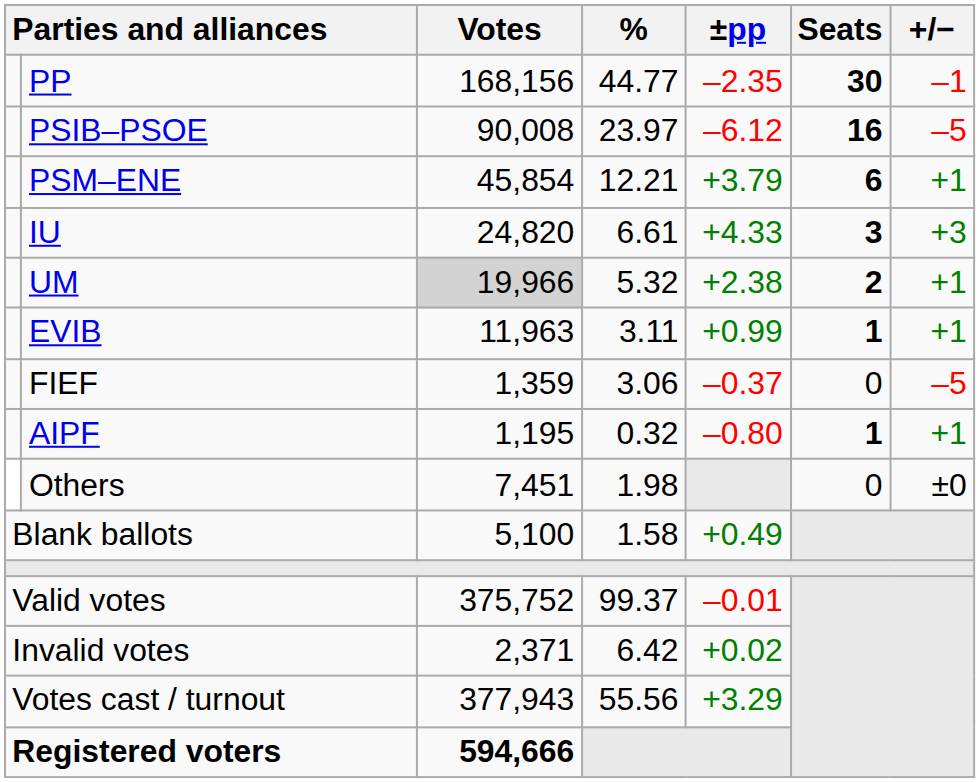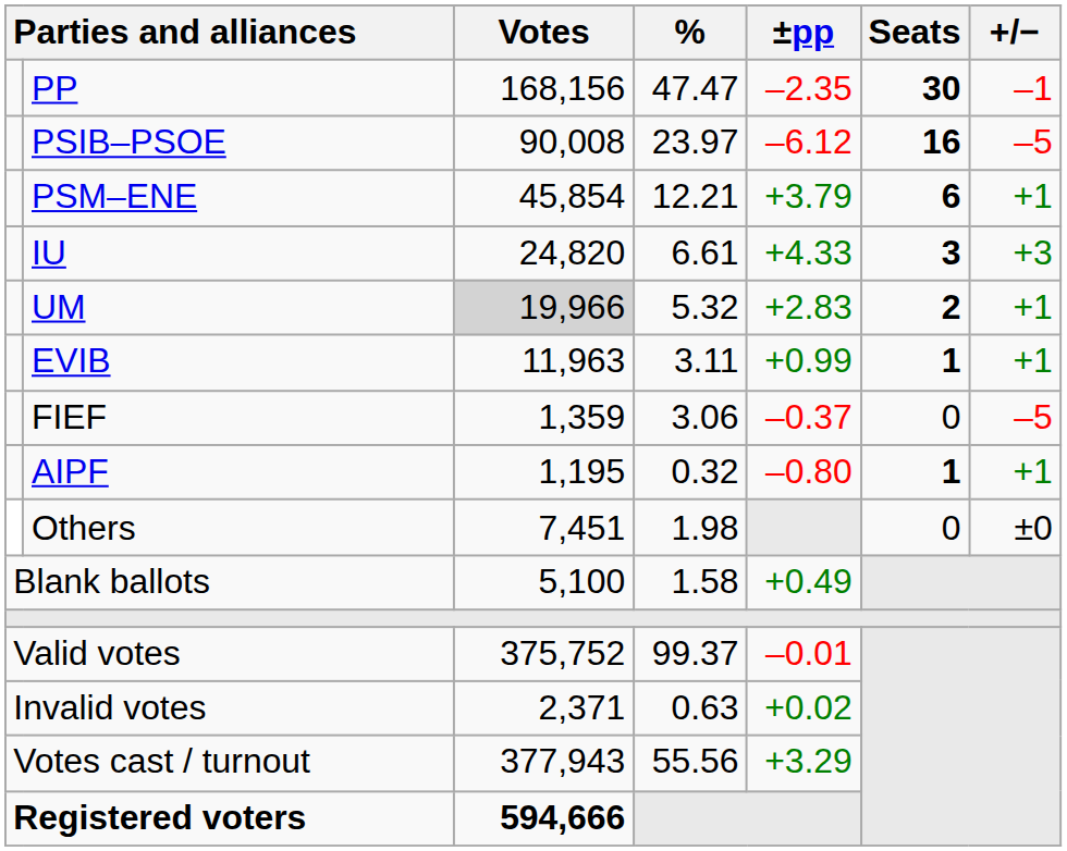 <table class="wikitable" style="text-align:right;">
 <tr>
 <th style="text-align:left;" colspan="2" width="200">Parties and alliances</th>
 <th width="75">Votes</th>
 <th width="45">%</th>
 <th width="45">±<a href='#'>pp</a></th>
 <th width="35">Seats</th>
 <th width="35">+/−</th>
 </tr>
 <tr>
 <td width="1" style="color:inherit;background:"></td>
 <td align="left"><a href='#'>PP</a></td>
 <td>168,156</td>
-<td>44.77</td>
+<td>47.47</td>
 <td style="color:red;">–2.35</td>
 <td><strong>30</strong></td>
 <td style="color:red;">–1</td>
 </tr>
 <tr>
 <td style="color:inherit;background:"></td>
 <td align="left"><a href='#'>PSIB–PSOE</a></td>
 <td>90,008</td>
 <td>23.97</td>
 <td style="color:red;">–6.12</td>
 <td><strong>16</strong></td>
 <td style="color:red;">–5</td>
 </tr>
 <tr>
 <td style="color:inherit;background:"></td>
 <td align="left"><a href='#'>PSM–ENE</a></td>
 <td>45,854</td>
 <td>12.21</td>
 <td style="color:green;">+3.79</td>
 <td><strong>6</strong></td>
 <td style="color:green;">+1</td>
 </tr>
 <tr>
 <td style="color:inherit;background:"></td>
 <td align="left"><a href='#'>IU</a></td>
 <td>24,820</td>
 <td>6.61</td>
 <td style="color:green;">+4.33</td>
 <td><strong>3</strong></td>
 <td style="color:green;">+3</td>
 </tr>
 <tr>
 <td style="color:inherit;background:"></td>
 <td align="left"><a href='#'>UM</a></td>
 <td style="background: lightgrey;">19,966</td>
 <td>5.32</td>
-<td style="color:green;">+2.38</td>
+<td style="color:green;">+2.83</td>
 <td><strong>2</strong></td>
 <td style="color:green;">+1</td>
 </tr>
 <tr>
 <td style="color:inherit;background:"></td>
 <td align="left"><a href='#'>EVIB</a></td>
 <td>11,963</td>
 <td>3.11</td>
 <td style="color:green;">+0.99</td>
 <td><strong>1</strong></td>
 <td style="color:green;">+1</td>
 </tr>
 <tr>
 <td style="color:inherit;background:"></td>
 <td align="left">FIEF</td>
 <td>1,359</td>
 <td>3.06</td>
 <td style="color:red;">–0.37</td>
 <td>0</td>
 <td style="color:red;">–5</td>
 </tr>
 <tr>
 <td style="color:inherit;background:"></td>
 <td align="left"><a href='#'>AIPF</a></td>
 <td>1,195</td>
 <td>0.32</td>
 <td style="color:red;">–0.80</td>
 <td><strong>1</strong></td>
 <td style="color:green;">+1</td>
 </tr>
 <tr>
 <td bgcolor="white"></td>
 <td align="left">Others</td>
 <td>7,451</td>
 <td>1.98</td>
 <td bgcolor="#E9E9E9"></td>
 <td>0</td>
 <td>±0</td>
 </tr>
 <tr>
 <td align="left" colspan="2">Blank ballots</td>
 <td>5,100</td>
 <td>1.58</td>
 <td style="color:green;">+0.49</td>
 <td bgcolor="#E9E9E9" colspan="2"></td>
 </tr>
 <tr>
 <td colspan="7" bgcolor="#E9E9E9"></td>
 </tr>
 <tr>
 <td align="left" colspan="2">Valid votes</td>
 <td>375,752</td>
 <td>99.37</td>
 <td style="color:red;">–0.01</td>
 <td bgcolor="#E9E9E9" colspan="2" rowspan="4"></td>
 </tr>
 <tr>
 <td align="left" colspan="2">Invalid votes</td>
 <td>2,371</td>
-<td>6.42</td>
+<td>0.63</td>
 <td style="color:green;">+0.02</td>
 </tr>
 <tr>
 <td align="left" colspan="2">Votes cast / turnout</td>
 <td>377,943</td>
 <td>55.56</td>
 <td style="color:green;">+3.29</td>
 </tr>
 <tr style="font-weight:bold;">
 <td align="left" colspan="2">Registered voters</td>
 <td>594,666</td>
 <td bgcolor="#E9E9E9" colspan="2"></td>
 </tr>
 </table>
